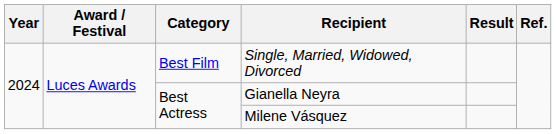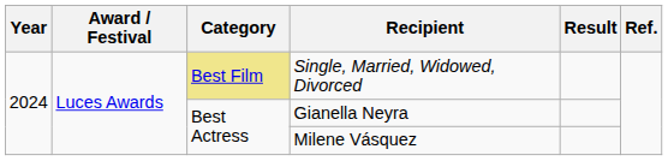 <table class="wikitable">
 <tr>
 <th>Year</th>
 <th>Award / Festival</th>
 <th>Category</th>
 <th>Recipient</th>
 <th>Result</th>
 <th>Ref.</th>
 </tr>
 <tr>
 <td rowspan="3">2024</td>
 <td rowspan="3"><a href='#'>Luces Awards</a></td>
-<td><a href='#'>Best Film</a></td>
+<td style="background: khaki;"><a href='#'>Best Film</a></td>
 <td><em>Single, Married, Widowed, Divorced</em></td>
 <td></td>
 <td rowspan="3"></td>
 </tr>
 <tr>
 <td rowspan="2">Best Actress</td>
 <td>Gianella Neyra</td>
 <td></td>
 </tr>
 <tr>
 <td>Milene Vásquez</td>
 <td></td>
 </tr>
 </table>
